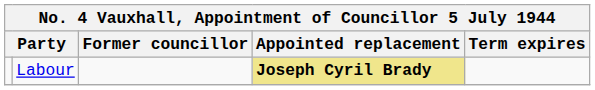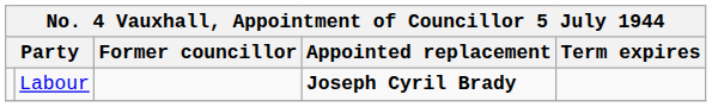 <table class="wikitable">
 <tr>
 <th colspan="5"><strong>No. 4 Vauxhall, Appointment of Councillor 5 July 1944</strong></th>
 </tr>
 <tr>
 <th colspan="2">Party</th>
 <th>Former councillor</th>
 <th>Appointed replacement</th>
 <th>Term expires</th>
 </tr>
 <tr>
 <td style="background-color:"></td>
 <td><a href='#'>Labour</a></td>
 <td></td>
-<td style="background: khaki;"><strong>Joseph Cyril Brady</strong></td>
+<td><strong>Joseph Cyril Brady</strong></td>
 <td></td>
 </tr>
 <tr>
 </tr>
 </table>
